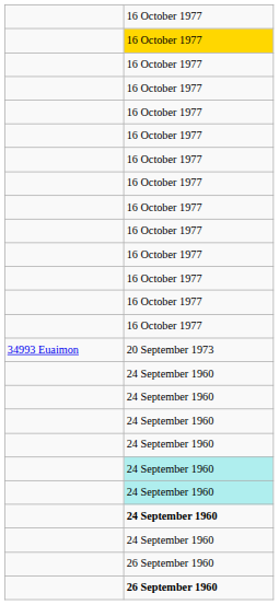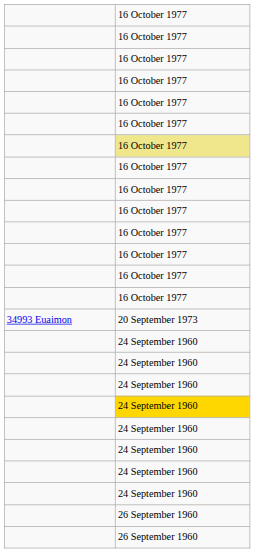 <table class="wikitable" style="font-size: 89%; float: left; width: 24em; margin-right: 1em; line-height: 1.65em">
 <tr>
 <td></td>
 <td>16 October 1977</td>
-</tr>
-<tr>
-<td></td>
-<td style="background: gold;">16 October 1977</td>
 </tr>
 <tr>
 <td></td>
 <td>16 October 1977</td>
 </tr>
 <tr>
 <td></td>
 <td>16 October 1977</td>
 </tr>
 <tr>
 <td></td>
 <td>16 October 1977</td>
 </tr>
 <tr>
 <td></td>
 <td>16 October 1977</td>
 </tr>
 <tr>
 <td></td>
 <td>16 October 1977</td>
+</tr>
+<tr>
+<td></td>
+<td style="background: khaki;">16 October 1977</td>
 </tr>
 <tr>
 <td></td>
 <td>16 October 1977</td>
 </tr>
 <tr>
 <td></td>
 <td>16 October 1977</td>
 </tr>
 <tr>
 <td></td>
 <td>16 October 1977</td>
 </tr>
 <tr>
 <td></td>
 <td>16 October 1977</td>
 </tr>
 <tr>
 <td></td>
 <td>16 October 1977</td>
 </tr>
 <tr>
 <td></td>
 <td>16 October 1977</td>
 </tr>
 <tr>
 <td></td>
 <td>16 October 1977</td>
 </tr>
 <tr>
 <td><a href='#'>34993 Euaimon</a></td>
 <td>20 September 1973</td>
 </tr>
 <tr>
 <td></td>
 <td>24 September 1960</td>
 </tr>
 <tr>
 <td></td>
 <td>24 September 1960</td>
 </tr>
 <tr>
 <td></td>
 <td>24 September 1960</td>
 </tr>
 <tr>
 <td></td>
+<td style="background: gold;">24 September 1960</td>
+</tr>
+<tr>
+<td></td>
 <td>24 September 1960</td>
 </tr>
 <tr>
 <td></td>
-<td style="background: paleturquoise;">24 September 1960</td>
+<td>24 September 1960</td>
 </tr>
 <tr>
 <td></td>
-<td style="background: paleturquoise;">24 September 1960</td>
-</tr>
-<tr>
-<td></td>
-<td><strong>24 September 1960</strong></td>
+<td>24 September 1960</td>
 </tr>
 <tr>
 <td></td>
 <td>24 September 1960</td>
 </tr>
 <tr>
 <td></td>
 <td>26 September 1960</td>
 </tr>
 <tr>
 <td></td>
-<td><strong>26 September 1960</strong></td>
+<td>26 September 1960</td>
 </tr>
 </table>
